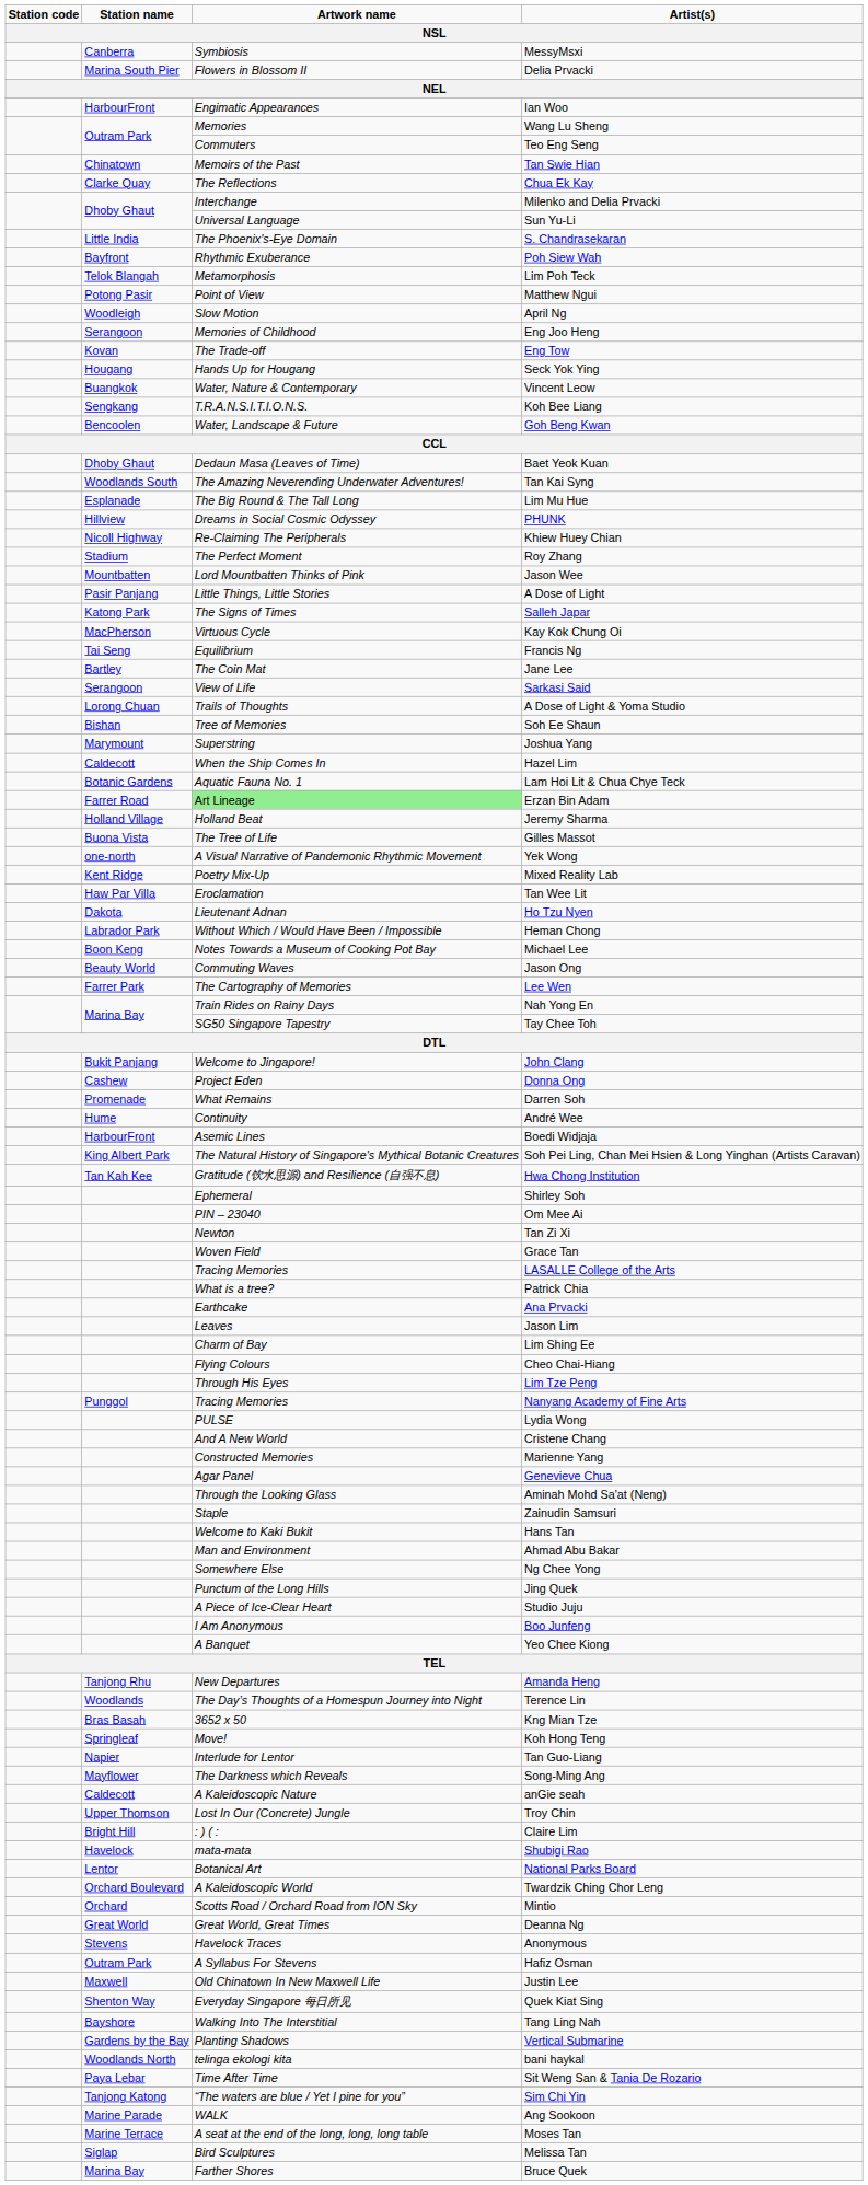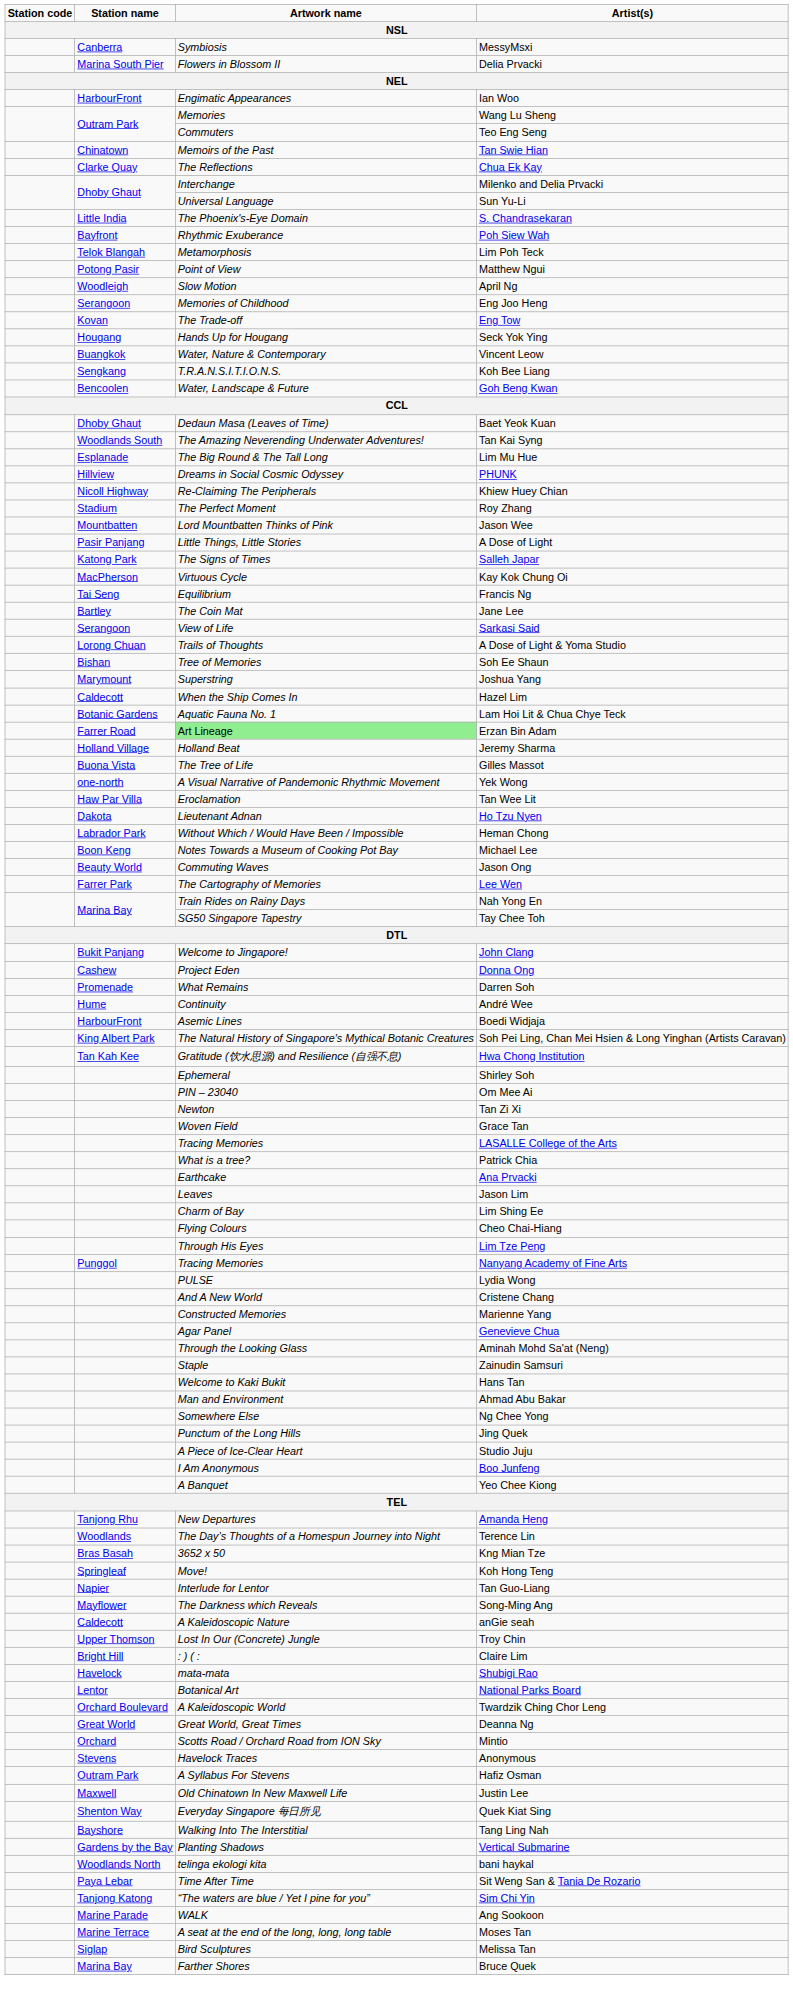 <table class="wikitable" style="margin-left: 1em; margin-bottom: 1em; color: black; border-collapse: collapse; font-size: 95%">
 <tr align="center">
 <td><strong>Station code</strong></td>
 <td><strong>Station name</strong></td>
 <td><strong>Artwork name</strong></td>
 <td><strong>Artist(s)</strong></td>
 </tr>
 <tr>
 <th colspan=4>NSL</th>
 </tr>
 <tr>
 <td></td>
 <td><a href='#'>Canberra</a></td>
 <td><em>Symbiosis</em></td>
 <td>MessyMsxi</td>
 </tr>
 <tr>
 <td></td>
 <td><a href='#'>Marina South Pier</a></td>
 <td><em>Flowers in Blossom II</em></td>
 <td>Delia Prvacki</td>
 </tr>
 <tr>
 <th colspan=4>NEL</th>
 </tr>
 <tr>
 <td></td>
 <td><a href='#'>HarbourFront</a></td>
 <td><em>Engimatic Appearances</em></td>
 <td>Ian Woo</td>
 </tr>
 <tr>
 <td rowspan=2></td>
 <td rowspan=2><a href='#'>Outram Park</a></td>
 <td><em>Memories</em></td>
 <td>Wang Lu Sheng</td>
 </tr>
 <tr>
 <td><em>Commuters</em></td>
 <td>Teo Eng Seng</td>
 </tr>
 <tr>
 <td></td>
 <td><a href='#'>Chinatown</a></td>
 <td><em>Memoirs of the Past</em></td>
 <td><a href='#'>Tan Swie Hian</a></td>
 </tr>
 <tr>
 <td></td>
 <td><a href='#'>Clarke Quay</a></td>
 <td><em>The Reflections</em></td>
 <td><a href='#'>Chua Ek Kay</a></td>
 </tr>
 <tr>
 <td rowspan=2></td>
 <td rowspan=2><a href='#'>Dhoby Ghaut</a></td>
 <td><em>Interchange</em></td>
 <td>Milenko and Delia Prvacki</td>
 </tr>
 <tr>
 <td><em>Universal Language</em></td>
 <td>Sun Yu-Li</td>
 </tr>
 <tr>
 <td></td>
 <td><a href='#'>Little India</a></td>
 <td><em>The Phoenix's-Eye Domain</em></td>
 <td><a href='#'>S. Chandrasekaran</a></td>
 </tr>
 <tr>
 <td></td>
 <td><a href='#'>Bayfront</a></td>
 <td><em>Rhythmic Exuberance</em></td>
 <td><a href='#'>Poh Siew Wah</a></td>
 </tr>
 <tr>
 <td></td>
 <td><a href='#'>Telok Blangah</a></td>
 <td><em>Metamorphosis</em></td>
 <td>Lim Poh Teck</td>
 </tr>
 <tr>
 <td></td>
 <td><a href='#'>Potong Pasir</a></td>
 <td><em>Point of View</em></td>
 <td>Matthew Ngui</td>
 </tr>
 <tr>
 <td></td>
 <td><a href='#'>Woodleigh</a></td>
 <td><em>Slow Motion</em></td>
 <td>April Ng</td>
 </tr>
 <tr>
 <td></td>
 <td><a href='#'>Serangoon</a></td>
 <td><em>Memories of Childhood</em></td>
 <td>Eng Joo Heng</td>
 </tr>
 <tr>
 <td></td>
 <td><a href='#'>Kovan</a></td>
 <td><em>The Trade-off</em></td>
 <td><a href='#'>Eng Tow</a></td>
 </tr>
 <tr>
 <td></td>
 <td><a href='#'>Hougang</a></td>
 <td><em>Hands Up for Hougang</em></td>
 <td>Seck Yok Ying</td>
 </tr>
 <tr>
 <td></td>
 <td><a href='#'>Buangkok</a></td>
 <td><em>Water, Nature & Contemporary</em></td>
 <td>Vincent Leow</td>
 </tr>
 <tr>
 <td></td>
 <td><a href='#'>Sengkang</a></td>
 <td><em>T.R.A.N.S.I.T.I.O.N.S.</em></td>
 <td>Koh Bee Liang</td>
 </tr>
 <tr>
 <td></td>
 <td><a href='#'>Bencoolen</a></td>
 <td><em>Water, Landscape & Future</em></td>
 <td><a href='#'>Goh Beng Kwan</a></td>
 </tr>
 <tr>
 <th colspan=4>CCL</th>
 </tr>
 <tr>
 <td></td>
 <td><a href='#'>Dhoby Ghaut</a></td>
 <td><em>Dedaun Masa (Leaves of Time)</em></td>
 <td>Baet Yeok Kuan</td>
 </tr>
 <tr>
 <td></td>
 <td><a href='#'>Woodlands South</a></td>
 <td><em>The Amazing Neverending Underwater Adventures!</em></td>
 <td>Tan Kai Syng</td>
 </tr>
 <tr>
 <td></td>
 <td><a href='#'>Esplanade</a></td>
 <td><em>The Big Round & The Tall Long</em></td>
 <td>Lim Mu Hue</td>
 </tr>
 <tr>
 <td></td>
 <td><a href='#'>Hillview</a></td>
 <td><em>Dreams in Social Cosmic Odyssey</em></td>
 <td><a href='#'>PHUNK</a></td>
 </tr>
 <tr>
 <td></td>
 <td><a href='#'>Nicoll Highway</a></td>
 <td><em>Re-Claiming The Peripherals</em></td>
 <td>Khiew Huey Chian</td>
 </tr>
 <tr>
 <td></td>
 <td><a href='#'>Stadium</a></td>
 <td><em>The Perfect Moment</em></td>
 <td>Roy Zhang</td>
 </tr>
 <tr>
 <td></td>
 <td><a href='#'>Mountbatten</a></td>
 <td><em>Lord Mountbatten Thinks of Pink</em></td>
 <td>Jason Wee</td>
 </tr>
 <tr>
 <td></td>
 <td><a href='#'>Pasir Panjang</a></td>
 <td><em>Little Things, Little Stories</em></td>
 <td>A Dose of Light</td>
 </tr>
 <tr>
 <td></td>
 <td><a href='#'>Katong Park</a></td>
 <td><em>The Signs of Times</em></td>
 <td><a href='#'>Salleh Japar</a></td>
 </tr>
 <tr>
 <td></td>
 <td><a href='#'>MacPherson</a></td>
 <td><em>Virtuous Cycle</em></td>
 <td>Kay Kok Chung Oi</td>
 </tr>
 <tr>
 <td></td>
 <td><a href='#'>Tai Seng</a></td>
 <td><em>Equilibrium</em></td>
 <td>Francis Ng</td>
 </tr>
 <tr>
 <td></td>
 <td><a href='#'>Bartley</a></td>
 <td><em>The Coin Mat</em></td>
 <td>Jane Lee</td>
 </tr>
 <tr>
 <td></td>
 <td><a href='#'>Serangoon</a></td>
 <td><em>View of Life</em></td>
 <td><a href='#'>Sarkasi Said</a></td>
 </tr>
 <tr>
 <td></td>
 <td><a href='#'>Lorong Chuan</a></td>
 <td><em>Trails of Thoughts</em></td>
 <td>A Dose of Light & Yoma Studio</td>
 </tr>
 <tr>
 <td></td>
 <td><a href='#'>Bishan</a></td>
 <td><em>Tree of Memories</em></td>
 <td>Soh Ee Shaun</td>
 </tr>
 <tr>
 <td></td>
 <td><a href='#'>Marymount</a></td>
 <td><em>Superstring</em></td>
 <td>Joshua Yang</td>
 </tr>
 <tr>
 <td></td>
 <td><a href='#'>Caldecott</a></td>
 <td><em>When the Ship Comes In</em></td>
 <td>Hazel Lim</td>
 </tr>
 <tr>
 <td></td>
 <td><a href='#'>Botanic Gardens</a></td>
 <td><em>Aquatic Fauna No. 1</em></td>
 <td>Lam Hoi Lit & Chua Chye Teck</td>
 </tr>
 <tr>
 <td></td>
 <td><a href='#'>Farrer Road</a></td>
 <td style="background: lightgreen;">Art Lineage</td>
 <td>Erzan Bin Adam</td>
 </tr>
 <tr>
 <td></td>
 <td><a href='#'>Holland Village</a></td>
 <td><em>Holland Beat</em></td>
 <td>Jeremy Sharma</td>
 </tr>
 <tr>
 <td></td>
 <td><a href='#'>Buona Vista</a></td>
 <td><em>The Tree of Life</em></td>
 <td>Gilles Massot</td>
 </tr>
 <tr>
 <td></td>
 <td><a href='#'>one-north</a></td>
 <td><em>A Visual Narrative of Pandemonic Rhythmic Movement</em></td>
 <td>Yek Wong</td>
-</tr>
-<tr>
-<td></td>
-<td><a href='#'>Kent Ridge</a></td>
-<td><em>Poetry Mix-Up</em></td>
-<td>Mixed Reality Lab</td>
 </tr>
 <tr>
 <td></td>
 <td><a href='#'>Haw Par Villa</a></td>
 <td><em>Eroclamation</em></td>
 <td>Tan Wee Lit</td>
 </tr>
 <tr>
 <td></td>
 <td><a href='#'>Dakota</a></td>
 <td><em>Lieutenant Adnan</em></td>
 <td><a href='#'>Ho Tzu Nyen</a></td>
 </tr>
 <tr>
 <td></td>
 <td><a href='#'>Labrador Park</a></td>
 <td><em>Without Which / Would Have Been / Impossible</em></td>
 <td>Heman Chong</td>
 </tr>
 <tr>
 <td></td>
 <td><a href='#'>Boon Keng</a></td>
 <td><em>Notes Towards a Museum of Cooking Pot Bay</em></td>
 <td>Michael Lee</td>
 </tr>
 <tr>
 <td></td>
 <td><a href='#'>Beauty World</a></td>
 <td><em>Commuting Waves</em></td>
 <td>Jason Ong</td>
 </tr>
 <tr>
 <td></td>
 <td><a href='#'>Farrer Park</a></td>
 <td><em>The Cartography of Memories</em></td>
 <td><a href='#'>Lee Wen</a></td>
 </tr>
 <tr>
 <td rowspan="2"></td>
 <td rowspan="2"><a href='#'>Marina Bay</a></td>
 <td><em>Train Rides on Rainy Days</em></td>
 <td>Nah Yong En</td>
 </tr>
 <tr>
 <td><em>SG50 Singapore Tapestry</em></td>
 <td>Tay Chee Toh</td>
 </tr>
 <tr>
 <th colspan=4>DTL</th>
 </tr>
 <tr>
 <td></td>
 <td><a href='#'>Bukit Panjang</a></td>
 <td><em>Welcome to Jingapore!</em></td>
 <td><a href='#'>John Clang</a></td>
 </tr>
 <tr>
 <td></td>
 <td><a href='#'>Cashew</a></td>
 <td><em>Project Eden</em></td>
 <td><a href='#'>Donna Ong</a></td>
 </tr>
 <tr>
 <td></td>
 <td><a href='#'>Promenade</a></td>
 <td><em>What Remains</em></td>
 <td>Darren Soh</td>
 </tr>
 <tr>
 <td></td>
 <td><a href='#'>Hume</a></td>
 <td><em>Continuity</em></td>
 <td>André Wee</td>
 </tr>
 <tr>
 <td></td>
 <td><a href='#'>HarbourFront</a></td>
 <td><em>Asemic Lines</em></td>
 <td>Boedi Widjaja</td>
 </tr>
 <tr>
 <td></td>
 <td><a href='#'>King Albert Park</a></td>
 <td><em>The Natural History of Singapore's Mythical Botanic Creatures</em></td>
 <td>Soh Pei Ling, Chan Mei Hsien & Long Yinghan (Artists Caravan)</td>
 </tr>
 <tr>
 <td></td>
 <td><a href='#'>Tan Kah Kee</a></td>
 <td><em>Gratitude (饮水思源) and Resilience (自强不息)</em></td>
 <td><a href='#'>Hwa Chong Institution</a></td>
 </tr>
 <tr>
 <td></td>
 <td></td>
 <td><em>Ephemeral</em></td>
 <td>Shirley Soh</td>
 </tr>
 <tr>
 <td></td>
 <td></td>
 <td><em>PIN – 23040</em></td>
 <td>Om Mee Ai</td>
 </tr>
 <tr>
 <td></td>
 <td></td>
 <td><em>Newton</em></td>
 <td>Tan Zi Xi</td>
 </tr>
 <tr>
 <td></td>
 <td></td>
 <td><em>Woven Field</em></td>
 <td>Grace Tan</td>
 </tr>
 <tr>
 <td></td>
 <td></td>
 <td><em>Tracing Memories</em></td>
 <td><a href='#'>LASALLE College of the Arts</a></td>
 </tr>
 <tr>
 <td></td>
 <td></td>
 <td><em>What is a tree?</em></td>
 <td>Patrick Chia</td>
 </tr>
 <tr>
 <td></td>
 <td></td>
 <td><em>Earthcake</em></td>
 <td><a href='#'>Ana Prvacki</a></td>
 </tr>
 <tr>
 <td></td>
 <td></td>
 <td><em>Leaves</em></td>
 <td>Jason Lim</td>
 </tr>
 <tr>
 <td></td>
 <td></td>
 <td><em>Charm of Bay</em></td>
 <td>Lim Shing Ee</td>
 </tr>
 <tr>
 <td></td>
 <td></td>
 <td><em>Flying Colours</em></td>
 <td>Cheo Chai-Hiang</td>
 </tr>
 <tr>
 <td></td>
 <td></td>
 <td><em>Through His Eyes</em></td>
 <td><a href='#'>Lim Tze Peng</a></td>
 </tr>
 <tr>
 <td></td>
 <td><a href='#'>Punggol</a></td>
 <td><em>Tracing Memories</em></td>
 <td><a href='#'>Nanyang Academy of Fine Arts</a></td>
 </tr>
 <tr>
 <td></td>
 <td></td>
 <td><em>PULSE</em></td>
 <td>Lydia Wong</td>
 </tr>
 <tr>
 <td></td>
 <td></td>
 <td><em>And A New World</em></td>
 <td>Cristene Chang</td>
 </tr>
 <tr>
 <td></td>
 <td></td>
 <td><em>Constructed Memories</em></td>
 <td>Marienne Yang</td>
 </tr>
 <tr>
 <td></td>
 <td></td>
 <td><em>Agar Panel</em></td>
 <td><a href='#'>Genevieve Chua</a></td>
 </tr>
 <tr>
 <td></td>
 <td></td>
 <td><em>Through the Looking Glass</em></td>
 <td>Aminah Mohd Sa'at (Neng)</td>
 </tr>
 <tr>
 <td></td>
 <td></td>
 <td><em>Staple</em></td>
 <td>Zainudin Samsuri</td>
 </tr>
 <tr>
 <td></td>
 <td></td>
 <td><em>Welcome to Kaki Bukit</em></td>
 <td>Hans Tan</td>
 </tr>
 <tr>
 <td></td>
 <td></td>
 <td><em>Man and Environment</em></td>
 <td>Ahmad Abu Bakar</td>
 </tr>
 <tr>
 <td></td>
 <td></td>
 <td><em>Somewhere Else</em></td>
 <td>Ng Chee Yong</td>
 </tr>
 <tr>
 <td><br></td>
 <td><br></td>
 <td><em>Punctum of the Long Hills</em></td>
 <td>Jing Quek</td>
 </tr>
 <tr>
 <td></td>
 <td></td>
 <td><em>A Piece of Ice-Clear Heart</em></td>
 <td>Studio Juju</td>
 </tr>
 <tr>
 <td></td>
 <td></td>
 <td><em>I Am Anonymous</em></td>
 <td><a href='#'>Boo Junfeng</a></td>
 </tr>
 <tr>
 <td></td>
 <td></td>
 <td><em>A Banquet</em></td>
 <td>Yeo Chee Kiong</td>
 </tr>
 <tr>
 <th colspan=4>TEL</th>
 </tr>
 <tr>
 <td></td>
 <td><a href='#'>Tanjong Rhu</a></td>
 <td><em>New Departures</em></td>
 <td><a href='#'>Amanda Heng</a></td>
 </tr>
 <tr>
 <td></td>
 <td><a href='#'>Woodlands</a></td>
 <td><em>The Day’s Thoughts of a Homespun Journey into Night</em></td>
 <td>Terence Lin</td>
 </tr>
 <tr>
 <td></td>
 <td><a href='#'>Bras Basah</a></td>
 <td><em>3652 x 50</em></td>
 <td>Kng Mian Tze</td>
 </tr>
 <tr>
 <td></td>
 <td><a href='#'>Springleaf</a></td>
 <td><em>Move!</em></td>
 <td>Koh Hong Teng</td>
 </tr>
 <tr>
 <td></td>
 <td><a href='#'>Napier</a></td>
 <td><em>Interlude for Lentor</em></td>
 <td>Tan Guo-Liang</td>
 </tr>
 <tr>
 <td></td>
 <td><a href='#'>Mayflower</a></td>
 <td><em>The Darkness which Reveals</em></td>
 <td>Song-Ming Ang</td>
 </tr>
 <tr>
 <td></td>
 <td><a href='#'>Caldecott</a></td>
 <td><em>A Kaleidoscopic Nature</em></td>
 <td>anGie seah</td>
 </tr>
 <tr>
 <td></td>
 <td><a href='#'>Upper Thomson</a></td>
 <td><em>Lost In Our (Concrete) Jungle</em></td>
 <td>Troy Chin</td>
 </tr>
 <tr>
 <td></td>
 <td><a href='#'>Bright Hill</a></td>
 <td><em>: ) ( :</em></td>
 <td>Claire Lim</td>
 </tr>
 <tr>
 <td></td>
 <td><a href='#'>Havelock</a></td>
 <td><em>mata-mata</em></td>
 <td><a href='#'>Shubigi Rao</a></td>
 </tr>
 <tr>
 <td></td>
 <td><a href='#'>Lentor</a></td>
 <td><em>Botanical Art</em></td>
 <td><a href='#'>National Parks Board</a></td>
 </tr>
 <tr>
 <td></td>
 <td><a href='#'>Orchard Boulevard</a></td>
 <td><em>A Kaleidoscopic World</em></td>
 <td>Twardzik Ching Chor Leng</td>
 </tr>
 <tr>
 <td></td>
+<td><a href='#'>Great World</a></td>
+<td><em>Great World, Great Times</em></td>
+<td>Deanna Ng</td>
+</tr>
+<tr>
+<td></td>
 <td><a href='#'>Orchard</a></td>
 <td><em>Scotts Road / Orchard Road from ION Sky</em></td>
 <td>Mintio</td>
-</tr>
-<tr>
-<td></td>
-<td><a href='#'>Great World</a></td>
-<td><em>Great World, Great Times</em></td>
-<td>Deanna Ng</td>
 </tr>
 <tr>
 <td></td>
 <td><a href='#'>Stevens</a></td>
 <td><em>Havelock Traces</em></td>
 <td>Anonymous</td>
 </tr>
 <tr>
 <td></td>
 <td><a href='#'>Outram Park</a></td>
 <td><em>A Syllabus For Stevens</em></td>
 <td>Hafiz Osman</td>
 </tr>
 <tr>
 <td></td>
 <td><a href='#'>Maxwell</a></td>
 <td><em>Old Chinatown In New Maxwell Life</em></td>
 <td>Justin Lee</td>
 </tr>
 <tr>
 <td></td>
 <td><a href='#'>Shenton Way</a></td>
 <td><em>Everyday Singapore 每日所见</em></td>
 <td>Quek Kiat Sing</td>
 </tr>
 <tr>
 <td></td>
 <td><a href='#'>Bayshore</a></td>
 <td><em>Walking Into The Interstitial</em></td>
 <td>Tang Ling Nah</td>
 </tr>
 <tr>
 <td></td>
 <td><a href='#'>Gardens by the Bay</a></td>
 <td><em>Planting Shadows</em></td>
 <td><a href='#'>Vertical Submarine</a></td>
 </tr>
 <tr>
 <td></td>
 <td><a href='#'>Woodlands North</a></td>
 <td><em>telinga ekologi kita</em></td>
 <td>bani haykal</td>
 </tr>
 <tr>
 <td></td>
 <td><a href='#'>Paya Lebar</a></td>
 <td><em>Time After Time</em></td>
 <td>Sit Weng San & <a href='#'>Tania De Rozario</a></td>
 </tr>
 <tr>
 <td></td>
 <td><a href='#'>Tanjong Katong</a></td>
 <td><em>“The waters are blue</em> <em>/ Yet I pine for you”</em></td>
 <td><a href='#'>Sim Chi Yin</a></td>
 </tr>
 <tr>
 <td></td>
 <td><a href='#'>Marine Parade</a></td>
 <td><em>WALK</em></td>
 <td>Ang Sookoon</td>
 </tr>
 <tr>
 <td></td>
 <td><a href='#'>Marine Terrace</a></td>
 <td><em>A seat at the end of the long, long, long table</em></td>
 <td>Moses Tan</td>
 </tr>
 <tr>
 <td></td>
 <td><a href='#'>Siglap</a></td>
 <td><em>Bird Sculptures</em></td>
 <td>Melissa Tan</td>
 </tr>
 <tr>
 <td></td>
 <td><a href='#'>Marina Bay</a></td>
 <td><em>Farther Shores</em></td>
 <td>Bruce Quek</td>
 </tr>
 </table>
